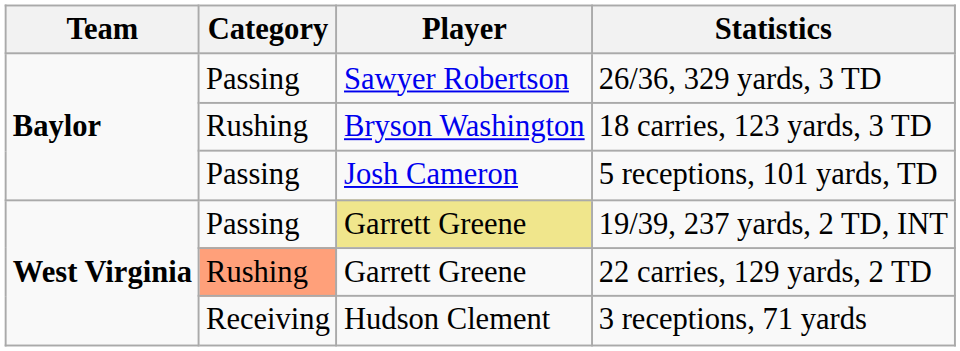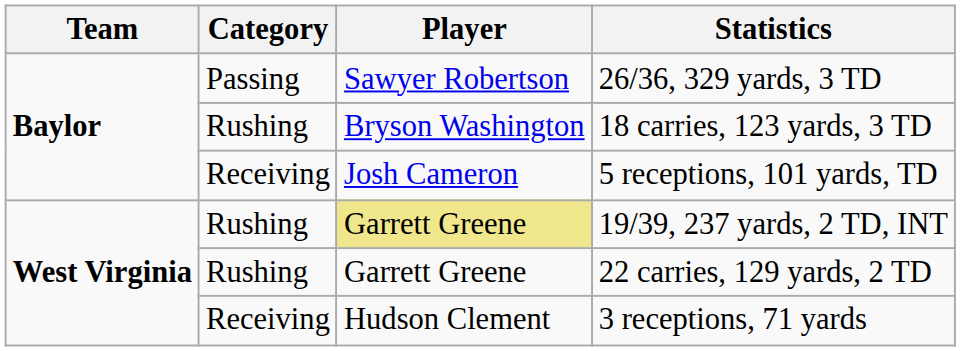 <table class="wikitable" style="float: right;">
 <tr>
 <th>Team</th>
 <th>Category</th>
 <th>Player</th>
 <th>Statistics</th>
 </tr>
 <tr>
 <td rowspan=3><strong>Baylor</strong></td>
 <td>Passing</td>
 <td><a href='#'>Sawyer Robertson</a></td>
 <td>26/36, 329 yards, 3 TD</td>
 </tr>
 <tr>
 <td>Rushing</td>
 <td><a href='#'>Bryson Washington</a></td>
 <td>18 carries, 123 yards, 3 TD</td>
 </tr>
 <tr>
-<td>Passing</td>
+<td>Receiving</td>
 <td><a href='#'>Josh Cameron</a></td>
 <td>5 receptions, 101 yards, TD</td>
 </tr>
 <tr>
 <td rowspan=3><strong>West Virginia</strong></td>
-<td>Passing</td>
+<td>Rushing</td>
 <td style="background: khaki;">Garrett Greene</td>
 <td>19/39, 237 yards, 2 TD, INT</td>
 </tr>
 <tr>
-<td style="background: lightsalmon;">Rushing</td>
+<td>Rushing</td>
 <td>Garrett Greene</td>
 <td>22 carries, 129 yards, 2 TD</td>
 </tr>
 <tr>
 <td>Receiving</td>
 <td>Hudson Clement</td>
 <td>3 receptions, 71 yards</td>
 </tr>
 </table>
